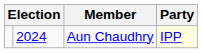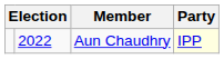 <table class="wikitable">
 <tr>
 <th colspan="2">Election</th>
 <th>Member</th>
 <th>Party</th>
 </tr>
 <tr>
 <td style="background-color: "></td>
-<td><a href='#'>2024</a></td>
+<td><a href='#'>2022</a></td>
 <td><a href='#'>Aun Chaudhry</a></td>
 <td style="background: lightyellow;"><a href='#'>IPP</a></td>
 </tr>
 </table>
